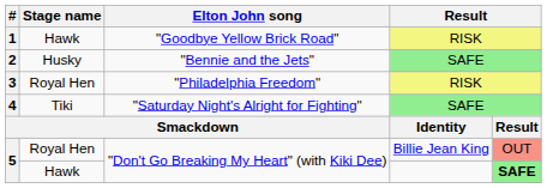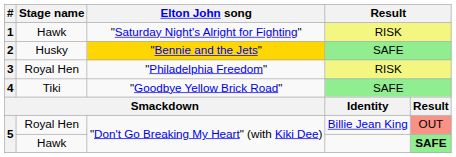 <table class="wikitable plainrowheaders" style="text-align: center;">
 <tr>
 <th>#</th>
 <th>Stage name</th>
 <th><a href='#'>Elton John</a> song</th>
 <th colspan=2>Result</th>
 </tr>
 <tr>
 <th>1</th>
 <td>Hawk</td>
-<td>"<a href='#'>Goodbye Yellow Brick Road</a>"</td>
+<td>"<a href='#'>Saturday Night's Alright for Fighting</a>"</td>
 <td colspan=2 bgcolor="#F3F781">RISK</td>
 </tr>
 <tr>
 <th>2</th>
 <td>Husky</td>
-<td>"<a href='#'>Bennie and the Jets</a>"</td>
+<td style="background: gold;">"<a href='#'>Bennie and the Jets</a>"</td>
 <td colspan=2 bgcolor=lightgreen>SAFE</td>
 </tr>
 <tr>
 <th>3</th>
 <td>Royal Hen</td>
 <td>"<a href='#'>Philadelphia Freedom</a>"</td>
 <td colspan=2 bgcolor="#F3F781">RISK</td>
 </tr>
 <tr>
 <th>4</th>
 <td>Tiki</td>
-<td>"<a href='#'>Saturday Night's Alright for Fighting</a>"</td>
+<td>"<a href='#'>Goodbye Yellow Brick Road</a>"</td>
 <td colspan=2 bgcolor=lightgreen>SAFE</td>
 </tr>
 <tr>
 <th colspan=3>Smackdown</th>
 <th>Identity</th>
 <th>Result</th>
 </tr>
 <tr>
 <th rowspan=2>5</th>
 <td>Royal Hen</td>
 <td rowspan=2>"<a href='#'>Don't Go Breaking My Heart</a>" (with <a href='#'>Kiki Dee</a>)</td>
 <td><a href='#'>Billie Jean King</a></td>
 <td bgcolor=#F99185>OUT</td>
 </tr>
 <tr>
 <td>Hawk</td>
 <td></td>
 <td bgcolor=lightgreen><strong>SAFE</strong></td>
 </tr>
 </table>
